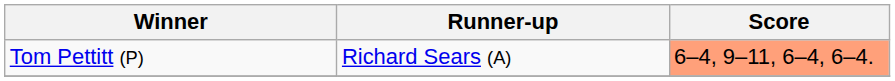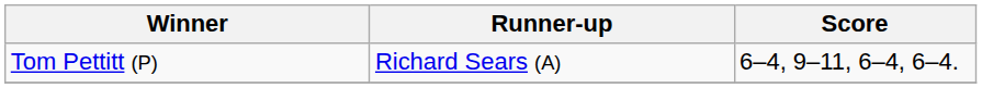 <table class="wikitable" style="font-size:98%;">
 <tr>
 <th style="width:230px;">Winner</th>
 <th style="width:230px;">Runner-up</th>
 <th style="width:150px;">Score</th>
 </tr>
 <tr>
 <td> <a href='#'>Tom Pettitt</a> <small>(P)</small></td>
 <td> <a href='#'>Richard Sears</a> <small>(A)</small></td>
-<td style="background: lightsalmon;">6–4, 9–11, 6–4, 6–4.</td>
+<td>6–4, 9–11, 6–4, 6–4.</td>
 </tr>
 <tr>
 </tr>
 </table>
